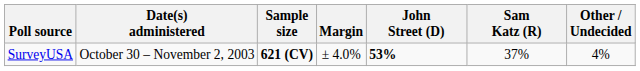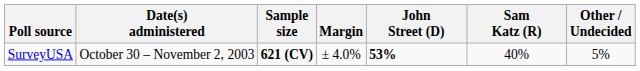 <table class="wikitable" style="font-size:90%">
 <tr valign=bottom>
 <th>Poll source</th>
 <th>Date(s)<br>administered</th>
 <th>Sample<br>size</th>
 <th>Margin<br></th>
 <th style="width:100px;">John<br>Street (D)</th>
 <th style="width:100px;">Sam<br>Katz (R)</th>
 <th>Other /<br>Undecided</th>
 </tr>
 <tr>
 <td><a href='#'>SurveyUSA</a></td>
 <td align=center>October 30 – November 2, 2003</td>
 <td align=center><strong>621 (CV)</strong></td>
 <td align=center>± 4.0%</td>
 <td><strong>53%</strong></td>
-<td align=center>37%</td>
-<td align=center>4%</td>
+<td align=center>40%</td>
+<td align=center>5%</td>
 </tr>
 </table>
